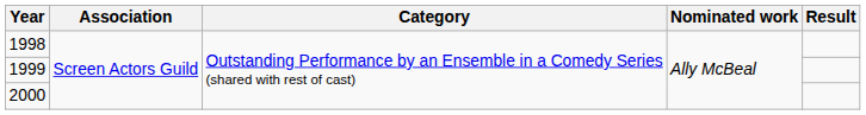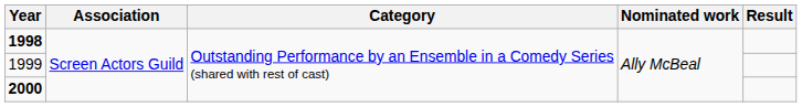 <table class="wikitable">
 <tr>
 <th>Year</th>
 <th>Association</th>
 <th>Category</th>
 <th>Nominated work</th>
 <th>Result</th>
 </tr>
 <tr>
-<td>1998</td>
+<td><strong>1998</strong></td>
 <td rowspan=3><a href='#'>Screen Actors Guild</a></td>
 <td rowspan=3><a href='#'>Outstanding Performance by an Ensemble in a Comedy Series</a> <br><small>(shared with rest of cast)</small></td>
 <td rowspan=3><em>Ally McBeal</em></td>
 <td></td>
 </tr>
 <tr>
 <td>1999</td>
 <td></td>
 </tr>
 <tr>
-<td>2000</td>
+<td><strong>2000</strong></td>
 <td></td>
 </tr>
 </table>
